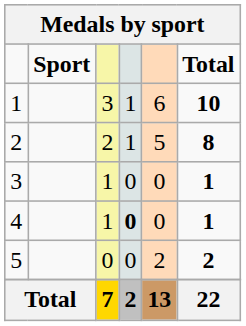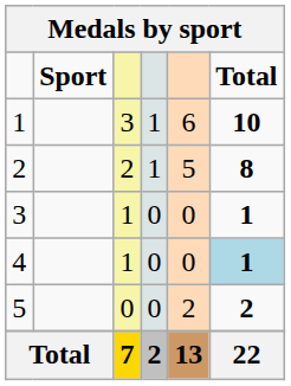 <table class="wikitable" style="font-size:95%">
 <tr style="background:#efefef;">
 <th colspan=6>Medals by sport</th>
 </tr>
 <tr style="text-align:center;">
 <td></td>
 <td><strong>Sport</strong></td>
 <td style="background:#F7F6A8;"></td>
 <td style="background:#DCE5E5;"></td>
 <td style="background:#FFDAB9;"></td>
 <td><strong>Total</strong></td>
 </tr>
 <tr style="text-align:center;">
 <td>1</td>
 <td></td>
 <td style="background:#F7F6A8;">3</td>
 <td style="background:#DCE5E5;">1</td>
 <td style="background:#FFDAB9;">6</td>
 <td><strong>10</strong></td>
 </tr>
 <tr style="text-align:center;">
 <td>2</td>
 <td></td>
 <td style="background:#F7F6A8;">2</td>
 <td style="background:#DCE5E5;">1</td>
 <td style="background:#FFDAB9;">5</td>
 <td><strong>8</strong></td>
 </tr>
 <tr style="text-align:center;">
 <td>3</td>
 <td></td>
 <td style="background:#F7F6A8;">1</td>
 <td style="background:#DCE5E5;">0</td>
 <td style="background:#FFDAB9;">0</td>
 <td><strong>1</strong></td>
 </tr>
 <tr style="text-align:center;">
 <td>4</td>
 <td></td>
 <td style="background:#F7F6A8;">1</td>
-<td style="background:#DCE5E5;"><strong>0</strong></td>
+<td style="background:#DCE5E5;">0</td>
 <td style="background:#FFDAB9;">0</td>
-<td><strong>1</strong></td>
+<td style="background: lightblue;"><strong>1</strong></td>
 </tr>
 <tr style="text-align:center;">
 <td>5</td>
 <td></td>
 <td style="background:#F7F6A8;">0</td>
 <td style="background:#DCE5E5;">0</td>
 <td style="background:#FFDAB9;">2</td>
 <td><strong>2</strong></td>
 </tr>
 <tr style="text-align:center;">
 </tr>
 <tr>
 <th colspan="2">Total</th>
 <th style="background:gold;">7</th>
 <th style="background:silver;">2</th>
 <th style="background:#c96;">13</th>
 <th>22</th>
 </tr>
 </table>
